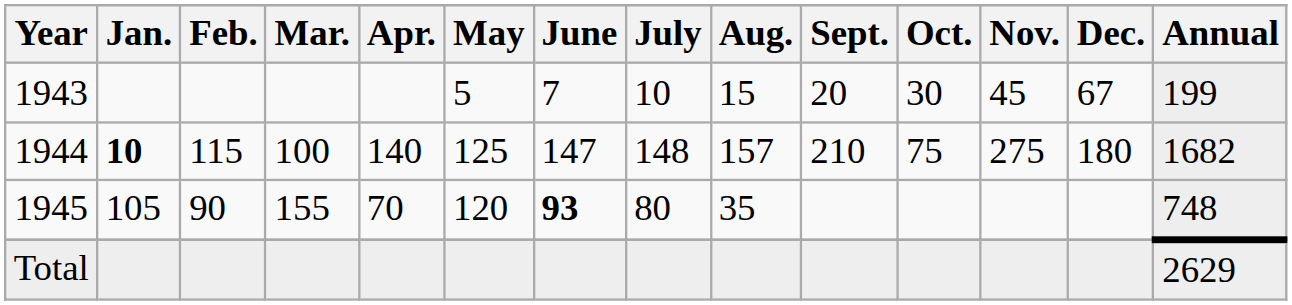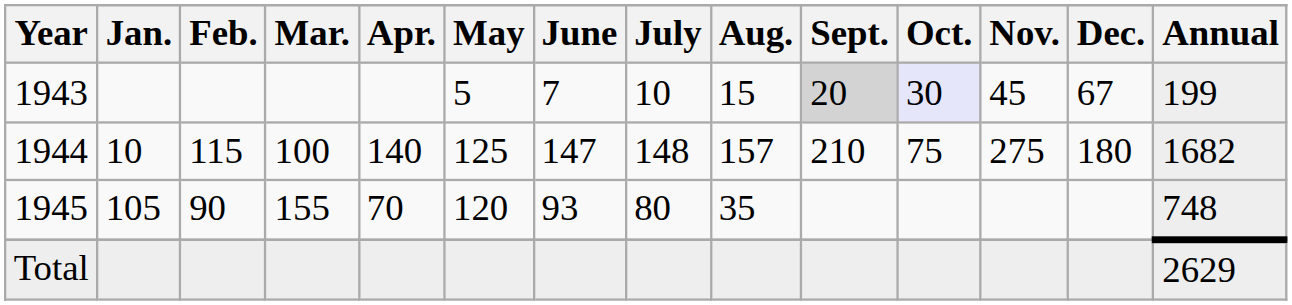 <table class="wikitable">
 <tr>
 <th rowspan=2>Year</th>
 </tr>
 <tr>
 <th>Jan.</th>
 <th>Feb.</th>
 <th>Mar.</th>
 <th>Apr.</th>
 <th>May</th>
 <th>June</th>
 <th>July</th>
 <th>Aug.</th>
 <th>Sept.</th>
 <th>Oct.</th>
 <th>Nov.</th>
 <th>Dec.</th>
 <th>Annual</th>
 </tr>
 <tr>
 <td style="text-align:center">1943</td>
 <td></td>
 <td></td>
 <td></td>
 <td></td>
 <td>5</td>
 <td>7</td>
 <td>10</td>
 <td>15</td>
-<td>20</td>
-<td>30</td>
+<td style="background: lightgrey;">20</td>
+<td style="background: lavender;">30</td>
 <td>45</td>
 <td>67</td>
 <td style="background: #eee;">199</td>
 </tr>
 <tr>
 <td style="text-align:center">1944</td>
-<td><strong>10</strong></td>
+<td>10</td>
 <td>115</td>
 <td>100</td>
 <td>140</td>
 <td>125</td>
 <td>147</td>
 <td>148</td>
 <td>157</td>
 <td>210</td>
 <td>75</td>
 <td>275</td>
 <td>180</td>
 <td style="background: #eee;">1682</td>
 </tr>
 <tr>
 <td style="text-align:center">1945</td>
 <td>105</td>
 <td>90</td>
 <td>155</td>
 <td>70</td>
 <td>120</td>
-<td><strong>93</strong></td>
+<td>93</td>
 <td>80</td>
 <td>35</td>
 <td></td>
 <td></td>
 <td></td>
 <td></td>
 <td style="background: #eee;">748</td>
 </tr>
 <tr>
 </tr>
 <tr style="background: #eee;">
 <td style="text-align:center">Total</td>
 <td></td>
 <td></td>
 <td></td>
 <td></td>
 <td></td>
 <td></td>
 <td></td>
 <td></td>
 <td></td>
 <td></td>
 <td></td>
 <td></td>
 <td style="border-top: black solid">2629</td>
 </tr>
 </table>
